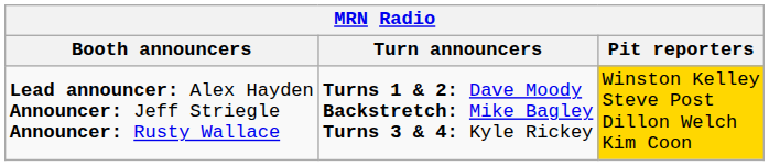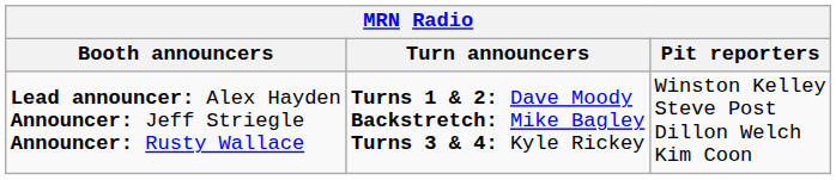 <table class="wikitable" style="font-size: 95%">
 <tr>
 <th colspan="3"><a href='#'>MRN</a> <a href='#'>Radio</a></th>
 </tr>
 <tr>
 <th>Booth announcers</th>
 <th>Turn announcers</th>
 <th>Pit reporters</th>
 </tr>
 <tr>
 <td><strong>Lead announcer:</strong> Alex Hayden<br><strong>Announcer:</strong> Jeff Striegle<br><strong>Announcer:</strong> <a href='#'>Rusty Wallace</a></td>
 <td><strong>Turns 1 & 2:</strong> <a href='#'>Dave Moody</a><br><strong>Backstretch:</strong> <a href='#'>Mike Bagley</a><br><strong>Turns 3 & 4:</strong> Kyle Rickey</td>
-<td style="background: gold;">Winston Kelley<br>Steve Post<br>Dillon Welch<br>Kim Coon</td>
+<td>Winston Kelley<br>Steve Post<br>Dillon Welch<br>Kim Coon</td>
 </tr>
 </table>
